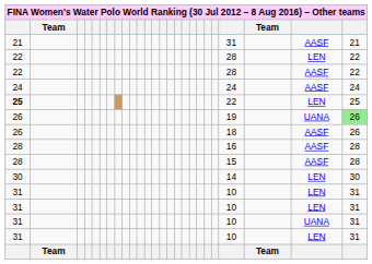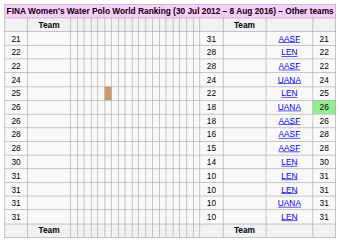 <table class="wikitable mw-collapsible autocollapse" style="text-align: center; font-size: 80%; margin-left: 1em;">
 <tr>
 <th colspan="25" style="background-color: #ffccff;">FINA Women's Water Polo World Ranking (30 Jul 2012 – 8 Aug 2016) – Other teams</th>
 </tr>
 <tr>
 <th></th>
 <th>Team</th>
 <th><a href='#'></a></th>
 <th><a href='#'></a></th>
 <th><a href='#'></a></th>
 <th><a href='#'></a></th>
 <th><a href='#'></a></th>
 <th><a href='#'></a></th>
 <th><a href='#'></a></th>
 <th><a href='#'></a></th>
 <th><a href='#'></a></th>
 <th><a href='#'></a></th>
 <th><a href='#'></a></th>
 <th><a href='#'></a></th>
 <th><a href='#'></a></th>
 <th><a href='#'></a></th>
 <th><a href='#'></a></th>
 <th><a href='#'></a></th>
 <th><a href='#'></a></th>
 <th><a href='#'></a></th>
 <th><a href='#'></a></th>
 <th></th>
 <th>Team</th>
 <th></th>
 <th></th>
 </tr>
 <tr>
 <td>21</td>
 <td style="text-align: left;"></td>
 <td></td>
 <td></td>
 <td></td>
 <td></td>
 <td></td>
 <td></td>
 <td></td>
 <td></td>
 <td></td>
 <td></td>
 <td></td>
 <td></td>
 <td></td>
 <td></td>
 <td></td>
 <td></td>
 <td></td>
 <td></td>
 <td></td>
 <td>31</td>
 <td style="text-align: left;"></td>
 <td><a href='#'>AASF</a></td>
 <td>21</td>
 </tr>
 <tr>
 <td>22</td>
 <td style="text-align: left;"></td>
 <td></td>
 <td></td>
 <td></td>
 <td></td>
 <td></td>
 <td></td>
 <td></td>
 <td></td>
 <td></td>
 <td></td>
 <td></td>
 <td></td>
 <td></td>
 <td></td>
 <td></td>
 <td></td>
 <td></td>
 <td></td>
 <td></td>
 <td>28</td>
 <td style="text-align: left;"></td>
 <td><a href='#'>LEN</a></td>
 <td>22</td>
 </tr>
 <tr>
 <td>22</td>
 <td style="text-align: left;"></td>
 <td></td>
 <td></td>
 <td></td>
 <td></td>
 <td></td>
 <td></td>
 <td></td>
 <td></td>
 <td></td>
 <td></td>
 <td></td>
 <td></td>
 <td></td>
 <td></td>
 <td></td>
 <td></td>
 <td></td>
 <td></td>
 <td></td>
 <td>28</td>
 <td style="text-align: left;"></td>
 <td><a href='#'>AASF</a></td>
 <td>22</td>
 </tr>
 <tr>
 <td>24</td>
 <td style="text-align: left;"></td>
 <td></td>
 <td></td>
 <td></td>
 <td></td>
 <td></td>
 <td></td>
 <td></td>
 <td></td>
 <td></td>
 <td></td>
 <td></td>
 <td></td>
 <td></td>
 <td></td>
 <td></td>
 <td></td>
 <td></td>
 <td></td>
 <td></td>
 <td>24</td>
 <td style="text-align: left;"></td>
-<td><a href='#'>AASF</a></td>
+<td><a href='#'>UANA</a></td>
 <td>24</td>
 </tr>
 <tr>
-<td><strong>25</strong></td>
+<td>25</td>
 <td style="text-align: left;"></td>
 <td></td>
 <td></td>
 <td></td>
 <td></td>
 <td></td>
 <td style="background-color: #cc9966;"></td>
 <td></td>
 <td></td>
 <td></td>
 <td></td>
 <td></td>
 <td></td>
 <td></td>
 <td></td>
 <td></td>
 <td></td>
 <td></td>
 <td></td>
 <td></td>
 <td>22</td>
 <td style="text-align: left;"></td>
 <td><a href='#'>LEN</a></td>
 <td>25</td>
 </tr>
 <tr>
 <td>26</td>
 <td style="text-align: left;"></td>
 <td></td>
 <td></td>
 <td></td>
 <td></td>
 <td></td>
 <td></td>
 <td></td>
 <td></td>
 <td></td>
 <td></td>
 <td></td>
 <td></td>
 <td></td>
 <td></td>
 <td></td>
 <td></td>
 <td></td>
 <td></td>
 <td></td>
-<td>19</td>
+<td>18</td>
 <td style="text-align: left;"></td>
 <td><a href='#'>UANA</a></td>
 <td style="background: lightgreen;">26</td>
 </tr>
 <tr>
 <td>26</td>
 <td style="text-align: left;"></td>
 <td></td>
 <td></td>
 <td></td>
 <td></td>
 <td></td>
 <td></td>
 <td></td>
 <td></td>
 <td></td>
 <td></td>
 <td></td>
 <td></td>
 <td></td>
 <td></td>
 <td></td>
 <td></td>
 <td></td>
 <td></td>
 <td></td>
 <td>18</td>
 <td style="text-align: left;"></td>
 <td><a href='#'>AASF</a></td>
 <td>26</td>
 </tr>
 <tr>
 <td>28</td>
 <td style="text-align: left;"></td>
 <td></td>
 <td></td>
 <td></td>
 <td></td>
 <td></td>
 <td></td>
 <td></td>
 <td></td>
 <td></td>
 <td></td>
 <td></td>
 <td></td>
 <td></td>
 <td></td>
 <td></td>
 <td></td>
 <td></td>
 <td></td>
 <td></td>
 <td>16</td>
 <td style="text-align: left;"></td>
 <td><a href='#'>AASF</a></td>
 <td>28</td>
 </tr>
 <tr>
 <td>28</td>
 <td style="text-align: left;"></td>
 <td></td>
 <td></td>
 <td></td>
 <td></td>
 <td></td>
 <td></td>
 <td></td>
 <td></td>
 <td></td>
 <td></td>
 <td></td>
 <td></td>
 <td></td>
 <td></td>
 <td></td>
 <td></td>
 <td></td>
 <td></td>
 <td></td>
 <td>15</td>
 <td style="text-align: left;"></td>
 <td><a href='#'>AASF</a></td>
 <td>28</td>
 </tr>
 <tr>
 <td>30</td>
 <td style="text-align: left;"></td>
 <td></td>
 <td></td>
 <td></td>
 <td></td>
 <td></td>
 <td></td>
 <td></td>
 <td></td>
 <td></td>
 <td></td>
 <td></td>
 <td></td>
 <td></td>
 <td></td>
 <td></td>
 <td></td>
 <td></td>
 <td></td>
 <td></td>
 <td>14</td>
 <td style="text-align: left;"></td>
 <td><a href='#'>LEN</a></td>
 <td>30</td>
 </tr>
 <tr>
 <td>31</td>
 <td style="text-align: left;"></td>
 <td></td>
 <td></td>
 <td></td>
 <td></td>
 <td></td>
 <td></td>
 <td></td>
 <td></td>
 <td></td>
 <td></td>
 <td></td>
 <td></td>
 <td></td>
 <td></td>
 <td></td>
 <td></td>
 <td></td>
 <td></td>
 <td></td>
 <td>10</td>
 <td style="text-align: left;"></td>
 <td><a href='#'>LEN</a></td>
 <td>31</td>
 </tr>
 <tr>
 <td>31</td>
 <td style="text-align: left;"></td>
 <td></td>
 <td></td>
 <td></td>
 <td></td>
 <td></td>
 <td></td>
 <td></td>
 <td></td>
 <td></td>
 <td></td>
 <td></td>
 <td></td>
 <td></td>
 <td></td>
 <td></td>
 <td></td>
 <td></td>
 <td></td>
 <td></td>
 <td>10</td>
 <td style="text-align: left;"></td>
 <td><a href='#'>LEN</a></td>
 <td>31</td>
 </tr>
 <tr>
 <td>31</td>
 <td style="text-align: left;"></td>
 <td></td>
 <td></td>
 <td></td>
 <td></td>
 <td></td>
 <td></td>
 <td></td>
 <td></td>
 <td></td>
 <td></td>
 <td></td>
 <td></td>
 <td></td>
 <td></td>
 <td></td>
 <td></td>
 <td></td>
 <td></td>
 <td></td>
 <td>10</td>
 <td style="text-align: left;"></td>
 <td><a href='#'>UANA</a></td>
 <td>31</td>
 </tr>
 <tr>
 <td>31</td>
 <td style="text-align: left;"></td>
 <td></td>
 <td></td>
 <td></td>
 <td></td>
 <td></td>
 <td></td>
 <td></td>
 <td></td>
 <td></td>
 <td></td>
 <td></td>
 <td></td>
 <td></td>
 <td></td>
 <td></td>
 <td></td>
 <td></td>
 <td></td>
 <td></td>
 <td>10</td>
 <td style="text-align: left;"></td>
 <td><a href='#'>LEN</a></td>
 <td>31</td>
 </tr>
 <tr>
 <th></th>
 <th>Team</th>
 <th><a href='#'></a></th>
 <th><a href='#'></a></th>
 <th><a href='#'></a></th>
 <th><a href='#'></a></th>
 <th><a href='#'></a></th>
 <th><a href='#'></a></th>
 <th><a href='#'></a></th>
 <th><a href='#'></a></th>
 <th><a href='#'></a></th>
 <th><a href='#'></a></th>
 <th><a href='#'></a></th>
 <th><a href='#'></a></th>
 <th><a href='#'></a></th>
 <th><a href='#'></a></th>
 <th><a href='#'></a></th>
 <th><a href='#'></a></th>
 <th><a href='#'></a></th>
 <th><a href='#'></a></th>
 <th><a href='#'></a></th>
 <th></th>
 <th>Team</th>
 <th></th>
 <th></th>
 </tr>
 </table>
